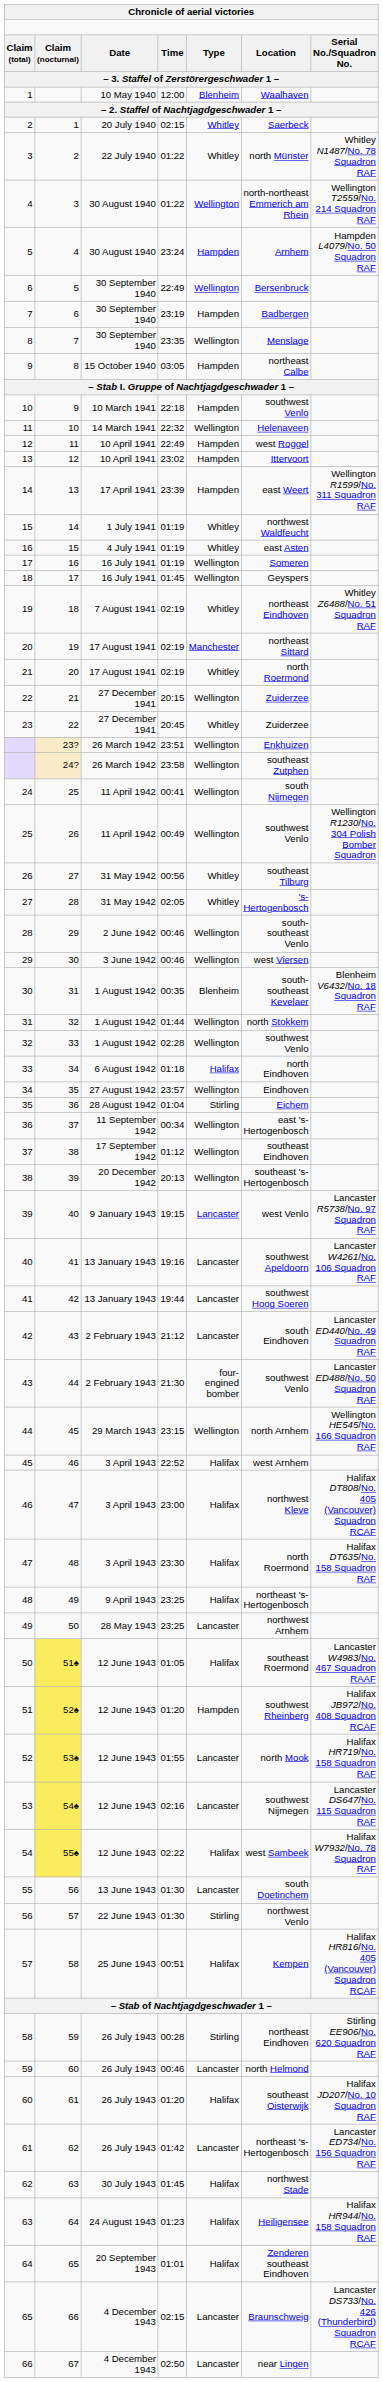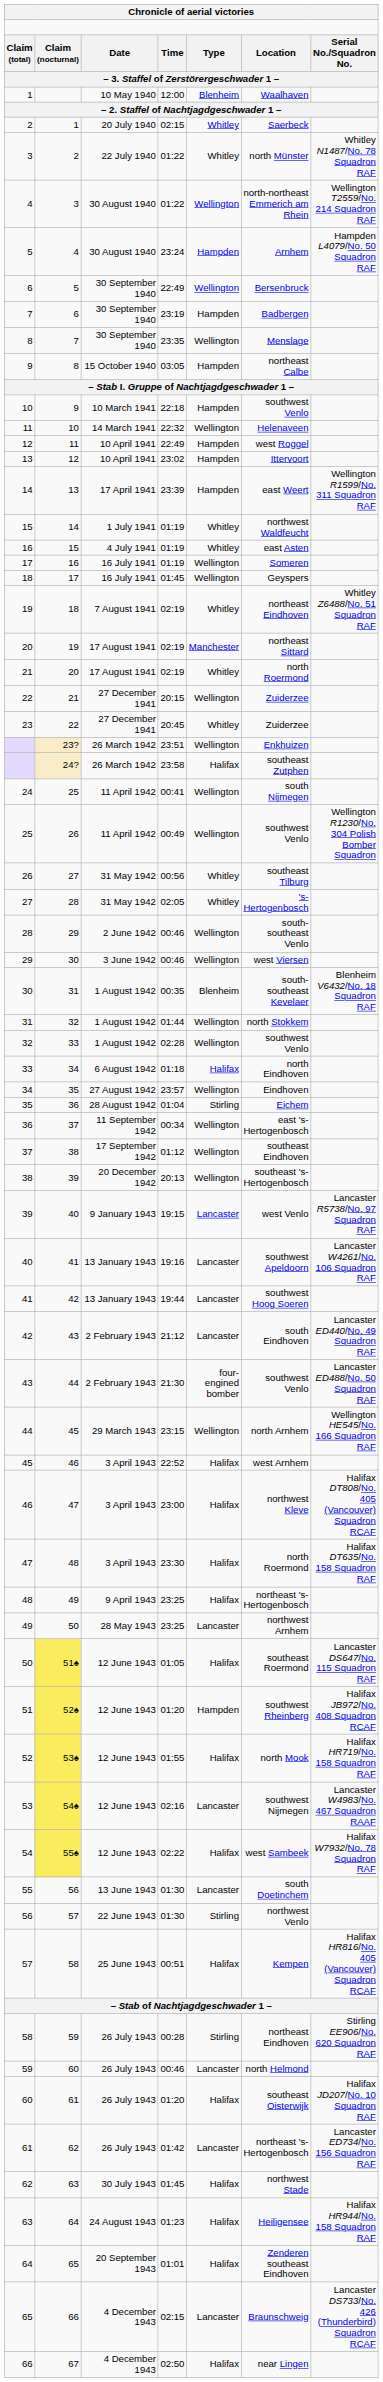 <table class="wikitable plainrowheaders collapsible" style="margin-left: auto; margin-right: auto; border: none; text-align:right; width: 100%;">
 <tr>
 <th colspan="7">Chronicle of aerial victories</th>
 </tr>
 <tr>
 <td colspan="7" style="text-align: left;"><br>  </td>
 </tr>
 <tr>
 <th scope="col">Claim<br><small>(total)</small></th>
 <th scope="col">Claim<br><small>(nocturnal)</small></th>
 <th scope="col" style="width:150px">Date</th>
 <th scope="col">Time</th>
 <th scope="col">Type</th>
 <th scope="col">Location</th>
 <th scope="col">Serial No./Squadron No.</th>
 </tr>
 <tr>
 <th colspan="7">– 3. <em>Staffel</em> of <em>Zerstörergeschwader</em> 1 –</th>
 </tr>
 <tr>
 <td>1</td>
 <td></td>
 <td>10 May 1940</td>
 <td>12:00</td>
 <td><a href='#'>Blenheim</a></td>
 <td><a href='#'>Waalhaven</a></td>
 <td></td>
 </tr>
 <tr>
 <th colspan="7">– 2. <em>Staffel</em> of <em>Nachtjagdgeschwader</em> 1 –</th>
 </tr>
 <tr>
 <td>2</td>
 <td>1</td>
 <td>20 July 1940</td>
 <td>02:15</td>
 <td><a href='#'>Whitley</a></td>
 <td><a href='#'>Saerbeck</a></td>
 <td></td>
 </tr>
 <tr>
 <td>3</td>
 <td>2</td>
 <td>22 July 1940</td>
 <td>01:22</td>
 <td>Whitley</td>
 <td> north <a href='#'>Münster</a></td>
 <td>Whitley <em>N1487</em>/<a href='#'>No. 78 Squadron RAF</a></td>
 </tr>
 <tr>
 <td>4</td>
 <td>3</td>
 <td>30 August 1940</td>
 <td>01:22</td>
 <td><a href='#'>Wellington</a></td>
 <td> north-northeast <a href='#'>Emmerich am Rhein</a></td>
 <td>Wellington <em>T2559</em>/<a href='#'>No. 214 Squadron RAF</a></td>
 </tr>
 <tr>
 <td>5</td>
 <td>4</td>
 <td>30 August 1940</td>
 <td>23:24</td>
 <td><a href='#'>Hampden</a></td>
 <td><a href='#'>Arnhem</a></td>
 <td>Hampden <em>L4079</em>/<a href='#'>No. 50 Squadron RAF</a></td>
 </tr>
 <tr>
 <td>6</td>
 <td>5</td>
 <td>30 September 1940</td>
 <td>22:49</td>
 <td><a href='#'>Wellington</a></td>
 <td><a href='#'>Bersenbruck</a></td>
 <td></td>
 </tr>
 <tr>
 <td>7</td>
 <td>6</td>
 <td>30 September 1940</td>
 <td>23:19</td>
 <td>Hampden</td>
 <td><a href='#'>Badbergen</a></td>
 <td></td>
 </tr>
 <tr>
 <td>8</td>
 <td>7</td>
 <td>30 September 1940</td>
 <td>23:35</td>
 <td>Wellington</td>
 <td><a href='#'>Menslage</a></td>
 <td></td>
 </tr>
 <tr>
 <td>9</td>
 <td>8</td>
 <td>15 October 1940</td>
 <td>03:05</td>
 <td>Hampden</td>
 <td>northeast <a href='#'>Calbe</a></td>
 <td></td>
 </tr>
 <tr>
 <th colspan="7">– <em>Stab</em> I. <em>Gruppe</em> of <em>Nachtjagdgeschwader</em> 1 –</th>
 </tr>
 <tr>
 <td>10</td>
 <td>9</td>
 <td>10 March 1941</td>
 <td>22:18</td>
 <td>Hampden</td>
 <td> southwest <a href='#'>Venlo</a></td>
 <td></td>
 </tr>
 <tr>
 <td>11</td>
 <td>10</td>
 <td>14 March 1941</td>
 <td>22:32</td>
 <td>Wellington</td>
 <td><a href='#'>Helenaveen</a></td>
 <td></td>
 </tr>
 <tr>
 <td>12</td>
 <td>11</td>
 <td>10 April 1941</td>
 <td>22:49</td>
 <td>Hampden</td>
 <td>west <a href='#'>Roggel</a></td>
 <td></td>
 </tr>
 <tr>
 <td>13</td>
 <td>12</td>
 <td>10 April 1941</td>
 <td>23:02</td>
 <td>Hampden</td>
 <td><a href='#'>Ittervoort</a></td>
 <td></td>
 </tr>
 <tr>
 <td>14</td>
 <td>13</td>
 <td>17 April 1941</td>
 <td>23:39</td>
 <td>Hampden</td>
 <td> east <a href='#'>Weert</a></td>
 <td>Wellington <em>R1599</em>/<a href='#'>No. 311 Squadron RAF</a></td>
 </tr>
 <tr>
 <td>15</td>
 <td>14</td>
 <td>1 July 1941</td>
 <td>01:19</td>
 <td>Whitley</td>
 <td> northwest <a href='#'>Waldfeucht</a></td>
 <td></td>
 </tr>
 <tr>
 <td>16</td>
 <td>15</td>
 <td>4 July 1941</td>
 <td>01:19</td>
 <td>Whitley</td>
 <td> east <a href='#'>Asten</a></td>
 <td></td>
 </tr>
 <tr>
 <td>17</td>
 <td>16</td>
 <td>16 July 1941</td>
 <td>01:19</td>
 <td>Wellington</td>
 <td><a href='#'>Someren</a></td>
 <td></td>
 </tr>
 <tr>
 <td>18</td>
 <td>17</td>
 <td>16 July 1941</td>
 <td>01:45</td>
 <td>Wellington</td>
 <td>Geyspers</td>
 <td></td>
 </tr>
 <tr>
 <td>19</td>
 <td>18</td>
 <td>7 August 1941</td>
 <td>02:19</td>
 <td>Whitley</td>
 <td> northeast <a href='#'>Eindhoven</a></td>
 <td>Whitley <em>Z6488</em>/<a href='#'>No. 51 Squadron RAF</a></td>
 </tr>
 <tr>
 <td>20</td>
 <td>19</td>
 <td>17 August 1941</td>
 <td>02:19</td>
 <td><a href='#'>Manchester</a></td>
 <td> northeast <a href='#'>Sittard</a></td>
 <td></td>
 </tr>
 <tr>
 <td>21</td>
 <td>20</td>
 <td>17 August 1941</td>
 <td>02:19</td>
 <td>Whitley</td>
 <td> north <a href='#'>Roermond</a></td>
 <td></td>
 </tr>
 <tr>
 <td>22</td>
 <td>21</td>
 <td>27 December 1941</td>
 <td>20:15</td>
 <td>Wellington</td>
 <td><a href='#'>Zuiderzee</a></td>
 <td></td>
 </tr>
 <tr>
 <td>23</td>
 <td>22</td>
 <td>27 December 1941</td>
 <td>20:45</td>
 <td>Whitley</td>
 <td>Zuiderzee</td>
 <td></td>
 </tr>
 <tr>
 <td style="background:#e3d9ff;"></td>
 <td style="background:#faecc8">23?</td>
 <td>26 March 1942</td>
 <td>23:51</td>
 <td>Wellington</td>
 <td><a href='#'>Enkhuizen</a></td>
 <td></td>
 </tr>
 <tr>
 <td style="background:#e3d9ff;"></td>
 <td style="background:#faecc8">24?</td>
 <td>26 March 1942</td>
 <td>23:58</td>
-<td>Wellington</td>
+<td>Halifax</td>
 <td>southeast <a href='#'>Zutphen</a></td>
 <td></td>
 </tr>
 <tr>
 <td>24</td>
 <td>25</td>
 <td>11 April 1942</td>
 <td>00:41</td>
 <td>Wellington</td>
 <td> south <a href='#'>Nijmegen</a></td>
 <td></td>
 </tr>
 <tr>
 <td>25</td>
 <td>26</td>
 <td>11 April 1942</td>
 <td>00:49</td>
 <td>Wellington</td>
 <td> southwest Venlo</td>
 <td>Wellington <em>R1230</em>/<a href='#'>No. 304 Polish Bomber Squadron</a></td>
 </tr>
 <tr>
 <td>26</td>
 <td>27</td>
 <td>31 May 1942</td>
 <td>00:56</td>
 <td>Whitley</td>
 <td> southeast <a href='#'>Tilburg</a></td>
 <td></td>
 </tr>
 <tr>
 <td>27</td>
 <td>28</td>
 <td>31 May 1942</td>
 <td>02:05</td>
 <td>Whitley</td>
 <td><a href='#'>'s-Hertogenbosch</a></td>
 <td></td>
 </tr>
 <tr>
 <td>28</td>
 <td>29</td>
 <td>2 June 1942</td>
 <td>00:46</td>
 <td>Wellington</td>
 <td> south-southeast Venlo</td>
 <td></td>
 </tr>
 <tr>
 <td>29</td>
 <td>30</td>
 <td>3 June 1942</td>
 <td>00:46</td>
 <td>Wellington</td>
 <td> west <a href='#'>Viersen</a></td>
 <td></td>
 </tr>
 <tr>
 <td>30</td>
 <td>31</td>
 <td>1 August 1942</td>
 <td>00:35</td>
 <td>Blenheim</td>
 <td> south-southeast <a href='#'>Kevelaer</a></td>
 <td>Blenheim <em>V6432</em>/<a href='#'>No. 18 Squadron RAF</a></td>
 </tr>
 <tr>
 <td>31</td>
 <td>32</td>
 <td>1 August 1942</td>
 <td>01:44</td>
 <td>Wellington</td>
 <td>north <a href='#'>Stokkem</a></td>
 <td></td>
 </tr>
 <tr>
 <td>32</td>
 <td>33</td>
 <td>1 August 1942</td>
 <td>02:28</td>
 <td>Wellington</td>
 <td> southwest Venlo</td>
 <td></td>
 </tr>
 <tr>
 <td>33</td>
 <td>34</td>
 <td>6 August 1942</td>
 <td>01:18</td>
 <td><a href='#'>Halifax</a></td>
 <td> north Eindhoven</td>
 <td></td>
 </tr>
 <tr>
 <td>34</td>
 <td>35</td>
 <td>27 August 1942</td>
 <td>23:57</td>
 <td>Wellington</td>
 <td>Eindhoven</td>
 <td></td>
 </tr>
 <tr>
 <td>35</td>
 <td>36</td>
 <td>28 August 1942</td>
 <td>01:04</td>
 <td>Stirling</td>
 <td><a href='#'>Eichem</a></td>
 <td></td>
 </tr>
 <tr>
 <td>36</td>
 <td>37</td>
 <td>11 September 1942</td>
 <td>00:34</td>
 <td>Wellington</td>
 <td> east 's-Hertogenbosch</td>
 <td></td>
 </tr>
 <tr>
 <td>37</td>
 <td>38</td>
 <td>17 September 1942</td>
 <td>01:12</td>
 <td>Wellington</td>
 <td> southeast Eindhoven</td>
 <td></td>
 </tr>
 <tr>
 <td>38</td>
 <td>39</td>
 <td>20 December 1942</td>
 <td>20:13</td>
 <td>Wellington</td>
 <td> southeast 's-Hertogenbosch</td>
 <td></td>
 </tr>
 <tr>
 <td>39</td>
 <td>40</td>
 <td>9 January 1943</td>
 <td>19:15</td>
 <td><a href='#'>Lancaster</a></td>
 <td> west Venlo</td>
 <td>Lancaster <em>R5738</em>/<a href='#'>No. 97 Squadron RAF</a></td>
 </tr>
 <tr>
 <td>40</td>
 <td>41</td>
 <td>13 January 1943</td>
 <td>19:16</td>
 <td>Lancaster</td>
 <td>southwest <a href='#'>Apeldoorn</a></td>
 <td>Lancaster <em>W4261</em>/<a href='#'>No. 106 Squadron RAF</a></td>
 </tr>
 <tr>
 <td>41</td>
 <td>42</td>
 <td>13 January 1943</td>
 <td>19:44</td>
 <td>Lancaster</td>
 <td> southwest <a href='#'>Hoog Soeren</a></td>
 <td></td>
 </tr>
 <tr>
 <td>42</td>
 <td>43</td>
 <td>2 February 1943</td>
 <td>21:12</td>
 <td>Lancaster</td>
 <td> south Eindhoven</td>
 <td>Lancaster <em>ED440</em>/<a href='#'>No. 49 Squadron RAF</a></td>
 </tr>
 <tr>
 <td>43</td>
 <td>44</td>
 <td>2 February 1943</td>
 <td>21:30</td>
 <td>four-engined bomber</td>
 <td> southwest Venlo</td>
 <td>Lancaster <em>ED488</em>/<a href='#'>No. 50 Squadron RAF</a></td>
 </tr>
 <tr>
 <td>44</td>
 <td>45</td>
 <td>29 March 1943</td>
 <td>23:15</td>
 <td>Wellington</td>
 <td>north Arnhem</td>
 <td>Wellington <em>HE545</em>/<a href='#'>No. 166 Squadron RAF</a></td>
 </tr>
 <tr>
 <td>45</td>
 <td>46</td>
 <td>3 April 1943</td>
 <td>22:52</td>
 <td>Halifax</td>
 <td> west Arnhem</td>
 <td></td>
 </tr>
 <tr>
 <td>46</td>
 <td>47</td>
 <td>3 April 1943</td>
 <td>23:00</td>
 <td>Halifax</td>
 <td>northwest <a href='#'>Kleve</a></td>
 <td>Halifax <em>DT808</em>/<a href='#'>No. 405 (Vancouver) Squadron RCAF</a></td>
 </tr>
 <tr>
 <td>47</td>
 <td>48</td>
 <td>3 April 1943</td>
 <td>23:30</td>
 <td>Halifax</td>
 <td> north Roermond</td>
 <td>Halifax <em>DT635</em>/<a href='#'>No. 158 Squadron RAF</a></td>
 </tr>
 <tr>
 <td>48</td>
 <td>49</td>
 <td>9 April 1943</td>
 <td>23:25</td>
 <td>Halifax</td>
 <td> northeast 's-Hertogenbosch</td>
 <td></td>
 </tr>
 <tr>
 <td>49</td>
 <td>50</td>
 <td>28 May 1943</td>
 <td>23:25</td>
 <td>Lancaster</td>
 <td> northwest Arnhem</td>
 <td></td>
 </tr>
 <tr>
 <td>50</td>
 <td style="background:#fbec5d;">51♠</td>
 <td>12 June 1943</td>
 <td>01:05</td>
 <td>Halifax</td>
 <td> southeast Roermond</td>
-<td>Lancaster <em>W4983</em>/<a href='#'>No. 467 Squadron RAAF</a></td>
+<td>Lancaster <em>DS647</em>/<a href='#'>No. 115 Squadron RAF</a></td>
 </tr>
 <tr>
 <td>51</td>
 <td style="background:#fbec5d;">52♠</td>
 <td>12 June 1943</td>
 <td>01:20</td>
 <td>Hampden</td>
 <td> southwest <a href='#'>Rheinberg</a></td>
 <td>Halifax <em>JB972</em>/<a href='#'>No. 408 Squadron RCAF</a></td>
 </tr>
 <tr>
 <td>52</td>
 <td style="background:#fbec5d;">53♠</td>
 <td>12 June 1943</td>
 <td>01:55</td>
-<td>Lancaster</td>
+<td>Halifax</td>
 <td> north <a href='#'>Mook</a></td>
 <td>Halifax <em>HR719</em>/<a href='#'>No. 158 Squadron RAF</a></td>
 </tr>
 <tr>
 <td>53</td>
 <td style="background:#fbec5d;">54♠</td>
 <td>12 June 1943</td>
 <td>02:16</td>
 <td>Lancaster</td>
 <td> southwest Nijmegen</td>
-<td>Lancaster <em>DS647</em>/<a href='#'>No. 115 Squadron RAF</a></td>
+<td>Lancaster <em>W4983</em>/<a href='#'>No. 467 Squadron RAAF</a></td>
 </tr>
 <tr>
 <td>54</td>
 <td style="background:#fbec5d;">55♠</td>
 <td>12 June 1943</td>
 <td>02:22</td>
 <td>Halifax</td>
 <td> west <a href='#'>Sambeek</a></td>
 <td>Halifax <em>W7932</em>/<a href='#'>No. 78 Squadron RAF</a></td>
 </tr>
 <tr>
 <td>55</td>
 <td>56</td>
 <td>13 June 1943</td>
 <td>01:30</td>
 <td>Lancaster</td>
 <td> south <a href='#'>Doetinchem</a></td>
 <td></td>
 </tr>
 <tr>
 <td>56</td>
 <td>57</td>
 <td>22 June 1943</td>
 <td>01:30</td>
 <td>Stirling</td>
 <td> northwest Venlo</td>
 <td></td>
 </tr>
 <tr>
 <td>57</td>
 <td>58</td>
 <td>25 June 1943</td>
 <td>00:51</td>
 <td>Halifax</td>
 <td><a href='#'>Kempen</a></td>
 <td>Halifax <em>HR816</em>/<a href='#'>No. 405 (Vancouver) Squadron RCAF</a></td>
 </tr>
 <tr>
 <th colspan="7">– <em>Stab</em> of <em>Nachtjagdgeschwader</em> 1 –</th>
 </tr>
 <tr>
 <td>58</td>
 <td>59</td>
 <td>26 July 1943</td>
 <td>00:28</td>
 <td>Stirling</td>
 <td> northeast Eindhoven</td>
 <td>Stirling <em>EE906</em>/<a href='#'>No. 620 Squadron RAF</a></td>
 </tr>
 <tr>
 <td>59</td>
 <td>60</td>
 <td>26 July 1943</td>
 <td>00:46</td>
 <td>Lancaster</td>
 <td> north <a href='#'>Helmond</a></td>
 <td></td>
 </tr>
 <tr>
 <td>60</td>
 <td>61</td>
 <td>26 July 1943</td>
 <td>01:20</td>
 <td>Halifax</td>
 <td> southeast <a href='#'>Oisterwijk</a></td>
 <td>Halifax <em>JD207</em>/<a href='#'>No. 10 Squadron RAF</a></td>
 </tr>
 <tr>
 <td>61</td>
 <td>62</td>
 <td>26 July 1943</td>
 <td>01:42</td>
 <td>Lancaster</td>
 <td> northeast 's-Hertogenbosch</td>
 <td>Lancaster <em>ED734</em>/<a href='#'>No. 156 Squadron RAF</a></td>
 </tr>
 <tr>
 <td>62</td>
 <td>63</td>
 <td>30 July 1943</td>
 <td>01:45</td>
 <td>Halifax</td>
 <td> northwest <a href='#'>Stade</a></td>
 <td></td>
 </tr>
 <tr>
 <td>63</td>
 <td>64</td>
 <td>24 August 1943</td>
 <td>01:23</td>
 <td>Halifax</td>
 <td><a href='#'>Heiligensee</a></td>
 <td>Halifax <em>HR944</em>/<a href='#'>No. 158 Squadron RAF</a></td>
 </tr>
 <tr>
 <td>64</td>
 <td>65</td>
 <td>20 September 1943</td>
 <td>01:01</td>
 <td>Halifax</td>
 <td><a href='#'>Zenderen</a> southeast Eindhoven</td>
 <td></td>
 </tr>
 <tr>
 <td>65</td>
 <td>66</td>
 <td>4 December 1943</td>
 <td>02:15</td>
 <td>Lancaster</td>
 <td><a href='#'>Braunschweig</a></td>
 <td>Lancaster <em>DS733</em>/<a href='#'>No. 426 (Thunderbird) Squadron RCAF</a></td>
 </tr>
 <tr>
 <td>66</td>
 <td>67</td>
 <td>4 December 1943</td>
 <td>02:50</td>
-<td>Lancaster</td>
+<td>Halifax</td>
 <td>near <a href='#'>Lingen</a></td>
 <td></td>
 </tr>
 </table>
